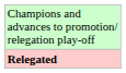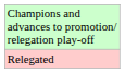 <table class="wikitable">
 <tr style="width:10px;background:#cfc">
 <td>Champions and<br>advances to promotion/<br>relegation play-off</td>
 </tr>
 <tr style="width:10px;background:#fcc">
-<td><strong>Relegated</strong></td>
+<td>Relegated</td>
 </tr>
 </table>
